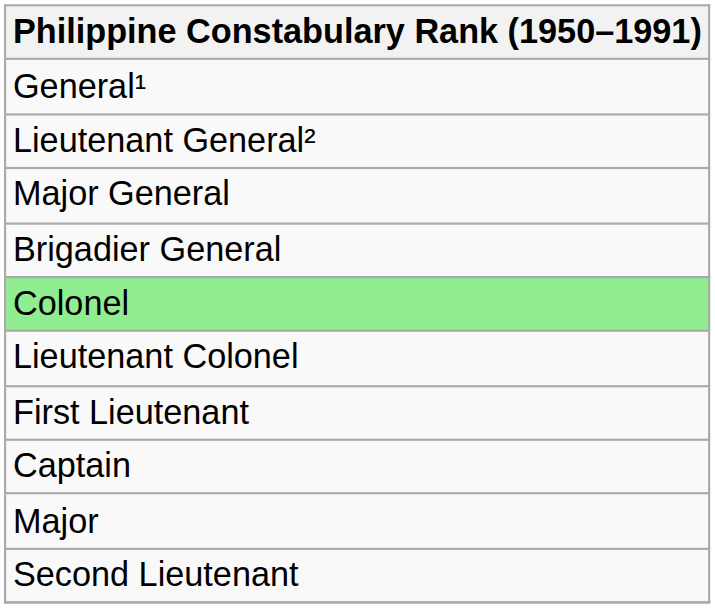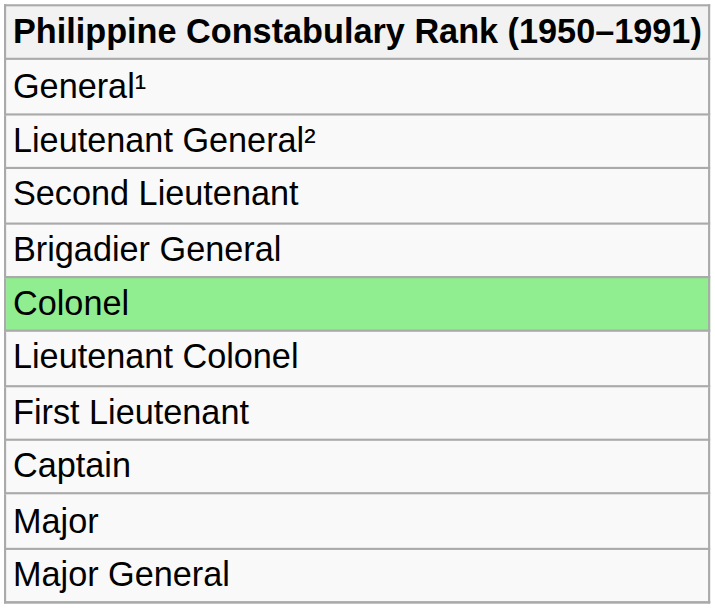 <table class="wikitable" style="display: inline-table;">
 <tr>
 <th>Philippine Constabulary Rank (1950–1991)</th>
 </tr>
 <tr>
 <td>General¹</td>
 </tr>
 <tr>
 <td>Lieutenant General²</td>
 </tr>
 <tr>
-<td>Major General</td>
+<td>Second Lieutenant</td>
 </tr>
 <tr>
 <td>Brigadier General</td>
 </tr>
 <tr>
 <td style="background: lightgreen;">Colonel</td>
 </tr>
 <tr>
 <td>Lieutenant Colonel</td>
 </tr>
 <tr>
 <td>First Lieutenant</td>
 </tr>
 <tr>
 <td>Captain</td>
 </tr>
 <tr>
 <td>Major</td>
 </tr>
 <tr>
-<td>Second Lieutenant</td>
+<td>Major General</td>
 </tr>
 <tr>
 </tr>
 </table>
